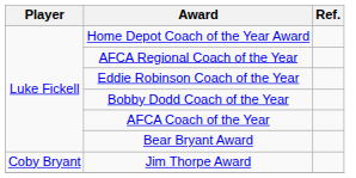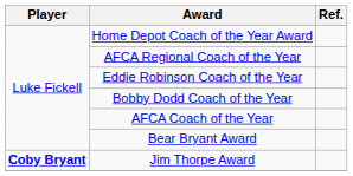 <table class="wikitable sortable sortable" style="text-align: center">
 <tr align=center>
 <th>Player</th>
 <th>Award</th>
 <th>Ref.</th>
 </tr>
 <tr>
 <td rowspan="6"><a href='#'>Luke Fickell</a></td>
 <td><a href='#'>Home Depot Coach of the Year Award</a></td>
 <td></td>
 </tr>
 <tr>
 <td><a href='#'>AFCA Regional Coach of the Year</a></td>
 <td></td>
 </tr>
 <tr>
 <td><a href='#'>Eddie Robinson Coach of the Year</a></td>
 <td></td>
 </tr>
 <tr>
 <td><a href='#'>Bobby Dodd Coach of the Year</a></td>
 <td></td>
 </tr>
 <tr>
 <td><a href='#'>AFCA Coach of the Year</a></td>
 <td></td>
 </tr>
 <tr>
 <td><a href='#'>Bear Bryant Award</a></td>
 <td></td>
 </tr>
 <tr>
-<td><a href='#'>Coby Bryant</a></td>
+<td><strong><a href='#'>Coby Bryant</a></strong></td>
 <td><a href='#'>Jim Thorpe Award</a></td>
 <td></td>
 </tr>
 <tr>
 </tr>
 </table>
